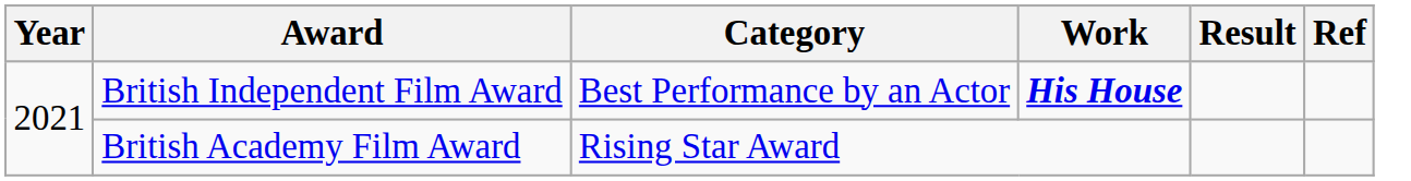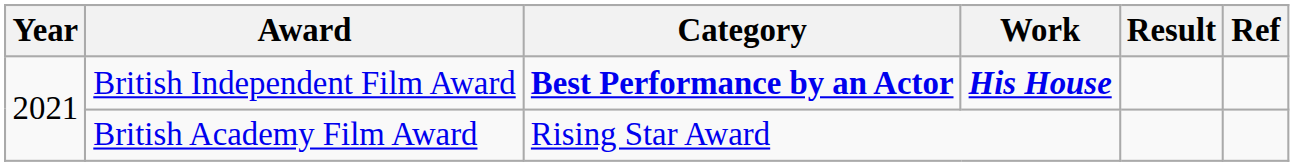 <table class="wikitable">
 <tr>
 <th>Year</th>
 <th>Award</th>
 <th>Category</th>
 <th>Work</th>
 <th>Result</th>
 <th>Ref</th>
 </tr>
 <tr>
 <td rowspan="2">2021</td>
 <td><a href='#'>British Independent Film Award</a></td>
-<td><a href='#'>Best Performance by an Actor</a></td>
+<td><strong><a href='#'>Best Performance by an Actor</a></strong></td>
 <td><strong><em><a href='#'>His House</a></em></strong></td>
 <td></td>
 <td></td>
 </tr>
 <tr>
 <td><a href='#'>British Academy Film Award</a></td>
 <td colspan=2><a href='#'>Rising Star Award</a></td>
 <td></td>
 <td></td>
 </tr>
 </table>
